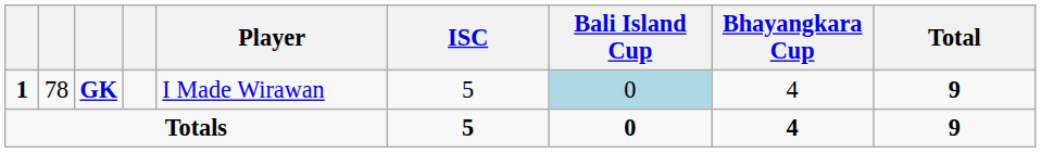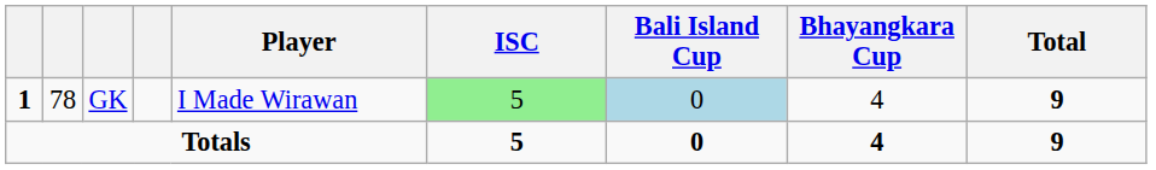 <table class="wikitable" style="text-align:center">
 <tr>
 <th width=15></th>
 <th width=15></th>
 <th width=15></th>
 <th width=15></th>
 <th width=145>Player</th>
 <th width=100><a href='#'>ISC</a></th>
 <th width=100><a href='#'>Bali Island Cup</a></th>
 <th width=100><a href='#'>Bhayangkara Cup</a></th>
 <th width=100>Total</th>
 </tr>
 <tr>
 <td><strong>1</strong></td>
 <td>78</td>
-<td><strong><a href='#'>GK</a></strong></td>
+<td><a href='#'>GK</a></td>
 <td></td>
 <td style="text-align:left"><a href='#'>I Made Wirawan</a></td>
-<td>5</td>
+<td style="background: lightgreen;">5</td>
 <td style="background: lightblue;">0</td>
 <td>4</td>
 <td><strong>9</strong></td>
 </tr>
 <tr>
 <td colspan=5><strong>Totals</strong></td>
 <td><strong>5</strong></td>
 <td><strong>0</strong></td>
 <td><strong>4</strong></td>
 <td><strong>9</strong></td>
 </tr>
 </table>
